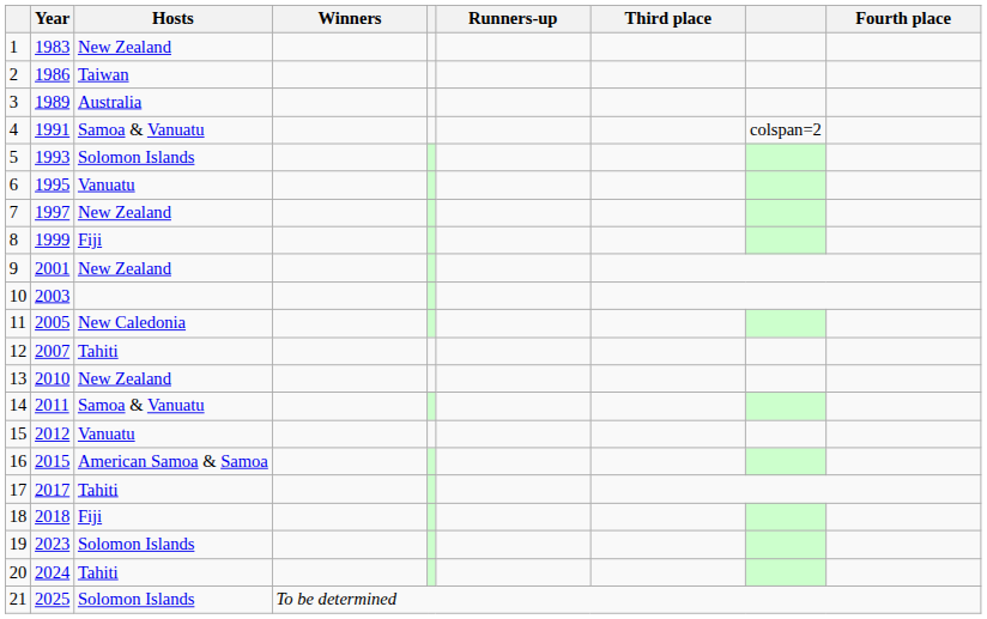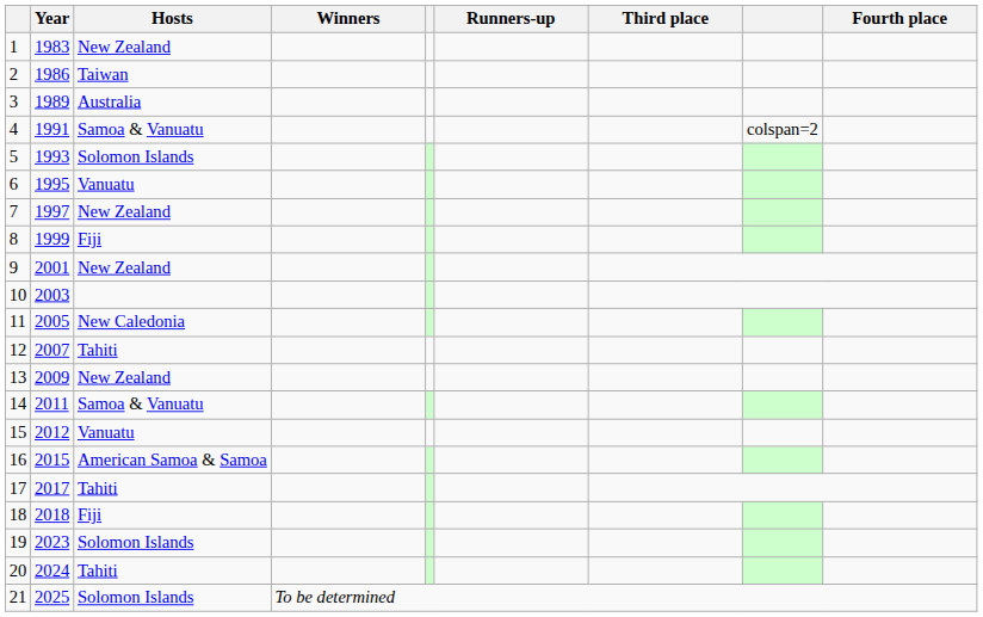 <table class="wikitable sortable">
 <tr>
 <th width=></th>
 <th width=>Year</th>
 <th width=>Hosts</th>
 <th width=135px> Winners</th>
 <th width=></th>
 <th width=135px> Runners-up</th>
 <th width=135px> Third place</th>
 <th width=></th>
 <th width=135px>Fourth place</th>
 </tr>
 <tr>
 <td>1</td>
 <td><a href='#'>1983</a></td>
 <td><a href='#'>New Zealand</a></td>
 <td><strong></strong></td>
 <td></td>
 <td></td>
 <td></td>
 <td></td>
 <td></td>
 </tr>
 <tr>
 <td>2</td>
 <td><a href='#'>1986</a></td>
 <td><a href='#'>Taiwan</a></td>
 <td><strong></strong></td>
 <td></td>
 <td></td>
 <td></td>
 <td></td>
 <td></td>
 </tr>
 <tr>
 <td>3</td>
 <td><a href='#'>1989</a></td>
 <td><a href='#'>Australia</a></td>
 <td><strong></strong></td>
 <td></td>
 <td></td>
 <td></td>
 <td></td>
 <td></td>
 </tr>
 <tr>
 <td>4</td>
 <td><a href='#'>1991</a></td>
 <td><a href='#'>Samoa</a> & <a href='#'>Vanuatu</a></td>
 <td><strong></strong></td>
 <td></td>
 <td></td>
 <td></td>
 <td>colspan=2 </td>
 </tr>
 <tr>
 <td>5</td>
 <td><a href='#'>1993</a></td>
 <td><a href='#'>Solomon Islands</a></td>
 <td><strong></strong></td>
 <td bgcolor=#ccffcc></td>
 <td></td>
 <td></td>
 <td bgcolor=#ccffcc></td>
 <td></td>
 </tr>
 <tr>
 <td>6</td>
 <td><a href='#'>1995</a></td>
 <td><a href='#'>Vanuatu</a></td>
 <td><strong></strong></td>
 <td bgcolor=#ccffcc></td>
 <td></td>
 <td></td>
 <td bgcolor=#ccffcc></td>
 <td></td>
 </tr>
 <tr>
 <td>7</td>
 <td><a href='#'>1997</a></td>
 <td><a href='#'>New Zealand</a></td>
 <td></td>
 <td bgcolor=#ccffcc></td>
 <td></td>
 <td></td>
 <td bgcolor=#ccffcc></td>
 <td></td>
 </tr>
 <tr>
 <td>8</td>
 <td><a href='#'>1999</a></td>
 <td><a href='#'>Fiji</a></td>
 <td><strong></strong></td>
 <td bgcolor=#ccffcc></td>
 <td></td>
 <td></td>
 <td bgcolor=#ccffcc></td>
 <td></td>
 </tr>
 <tr>
 <td>9</td>
 <td><a href='#'>2001</a></td>
 <td><a href='#'>New Zealand</a></td>
 <td><strong></strong></td>
 <td bgcolor=#ccffcc></td>
 <td></td>
 <td colspan=3></td>
 </tr>
 <tr>
 <td>10</td>
 <td><a href='#'>2003</a></td>
 <td></td>
 <td><strong></strong></td>
 <td bgcolor=#ccffcc></td>
 <td></td>
 <td colspan=3></td>
 </tr>
 <tr>
 <td>11</td>
 <td><a href='#'>2005</a></td>
 <td><a href='#'>New Caledonia</a></td>
 <td><strong></strong></td>
 <td bgcolor=#ccffcc></td>
 <td></td>
 <td></td>
 <td bgcolor=#ccffcc></td>
 <td></td>
 </tr>
 <tr>
 <td>12</td>
 <td><a href='#'>2007</a></td>
 <td><a href='#'>Tahiti</a></td>
 <td><strong></strong></td>
 <td></td>
 <td></td>
 <td></td>
 <td></td>
 <td></td>
 </tr>
 <tr>
 <td>13</td>
-<td><a href='#'>2010</a></td>
+<td><a href='#'>2009</a></td>
 <td><a href='#'>New Zealand</a></td>
 <td><strong></strong></td>
 <td></td>
 <td></td>
 <td></td>
 <td></td>
 <td></td>
 </tr>
 <tr>
 <td>14</td>
 <td><a href='#'>2011</a></td>
 <td><a href='#'>Samoa</a> & <a href='#'>Vanuatu</a></td>
 <td><strong></strong></td>
 <td bgcolor=#ccffcc></td>
 <td></td>
 <td></td>
 <td bgcolor=#ccffcc></td>
 <td></td>
 </tr>
 <tr>
 <td>15</td>
 <td><a href='#'>2012</a></td>
 <td><a href='#'>Vanuatu</a></td>
 <td><strong></strong></td>
 <td></td>
 <td></td>
 <td></td>
 <td></td>
 <td></td>
 </tr>
 <tr>
 <td>16</td>
 <td><a href='#'>2015</a></td>
 <td><a href='#'>American Samoa</a> & <a href='#'>Samoa</a></td>
 <td><strong></strong></td>
 <td bgcolor=#ccffcc></td>
 <td></td>
 <td></td>
 <td bgcolor=#ccffcc></td>
 <td></td>
 </tr>
 <tr>
 <td>17</td>
 <td><a href='#'>2017</a></td>
 <td><a href='#'>Tahiti</a></td>
 <td><strong></strong></td>
 <td bgcolor=#ccffcc></td>
 <td></td>
 <td colspan=3></td>
 </tr>
 <tr>
 <td>18</td>
 <td><a href='#'>2018</a></td>
 <td><a href='#'>Fiji</a></td>
 <td><strong></strong></td>
 <td bgcolor=#ccffcc></td>
 <td></td>
 <td></td>
 <td bgcolor=#ccffcc></td>
 <td></td>
 </tr>
 <tr>
 <td>19</td>
 <td><a href='#'>2023</a></td>
 <td><a href='#'>Solomon Islands</a></td>
 <td><strong></strong></td>
 <td bgcolor=#ccffcc></td>
 <td></td>
 <td></td>
 <td bgcolor=#ccffcc></td>
 <td></td>
 </tr>
 <tr>
 <td>20</td>
 <td><a href='#'>2024</a></td>
 <td><a href='#'>Tahiti</a></td>
 <td><strong></strong></td>
 <td bgcolor=#ccffcc></td>
 <td></td>
 <td></td>
 <td bgcolor=#ccffcc></td>
 <td></td>
 </tr>
 <tr>
 <td>21</td>
 <td><a href='#'>2025</a></td>
 <td><a href='#'>Solomon Islands</a></td>
 <td colspan=6><em>To be determined</em></td>
 </tr>
 </table>
